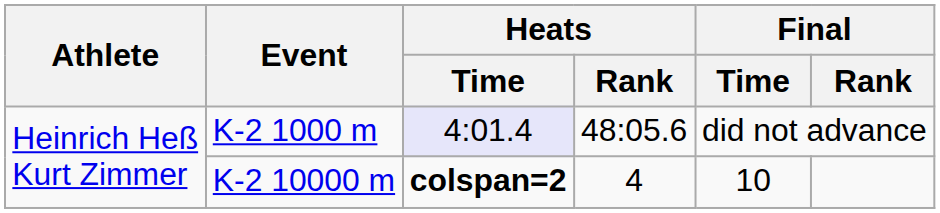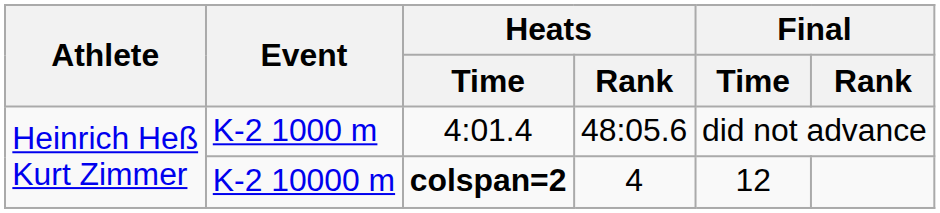 <table class="wikitable">
 <tr>
 <th rowspan=2>Athlete</th>
 <th rowspan=2>Event</th>
 <th colspan=2>Heats</th>
 <th colspan=2>Final</th>
 </tr>
 <tr>
 <th>Time</th>
 <th>Rank</th>
 <th>Time</th>
 <th>Rank</th>
 </tr>
 <tr align=center>
 <td align=left rowspan=2><a href='#'>Heinrich Heß</a><br><a href='#'>Kurt Zimmer</a></td>
 <td align=left><a href='#'>K-2 1000 m</a></td>
-<td style="background: lavender;">4:01.4</td>
+<td>4:01.4</td>
 <td>48:05.6</td>
 <td colspan=2>did not advance</td>
 </tr>
 <tr align=center>
 <td align=left><a href='#'>K-2 10000 m</a></td>
 <td><strong>colspan=2 </strong></td>
 <td>4</td>
-<td>10</td>
+<td>12</td>
 </tr>
 </table>
